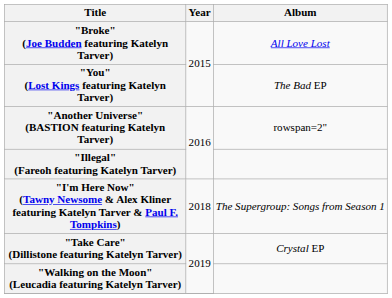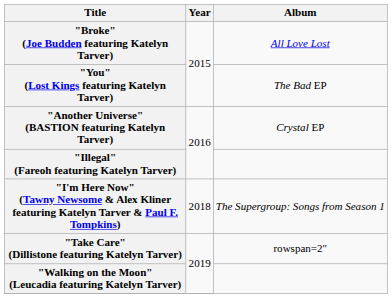 <table class="wikitable plainrowheaders" style="text-align:center">
 <tr>
 <th scope="col" style="width:16em;">Title</th>
 <th scope="col">Year</th>
 <th scope="col">Album</th>
 </tr>
 <tr>
 <th scope="row">"Broke"<br><span>(<a href='#'>Joe Budden</a> featuring Katelyn Tarver)</span></th>
 <td rowspan="2">2015</td>
 <td><em><a href='#'>All Love Lost</a></em></td>
 </tr>
 <tr>
 <th scope="row">"You"<br><span>(<a href='#'>Lost Kings</a> featuring Katelyn Tarver)</span></th>
 <td><em>The Bad</em> EP</td>
 </tr>
 <tr>
 <th scope="row">"Another Universe"<br><span>(BASTION featuring Katelyn Tarver)</span></th>
 <td rowspan="2">2016</td>
-<td>rowspan=2" </td>
+<td><em>Crystal</em> EP</td>
 </tr>
 <tr>
 <th scope="row">"Illegal"<br><span>(Fareoh featuring Katelyn Tarver)</span></th>
 <td></td>
 </tr>
 <tr>
 <th scope="row">"I'm Here Now"<br><span>(<a href='#'>Tawny Newsome</a> & Alex Kliner featuring Katelyn Tarver & <a href='#'>Paul F. Tompkins</a>)</span></th>
 <td>2018</td>
 <td><em>The Supergroup: Songs from Season 1</em></td>
 </tr>
 <tr>
 <th scope="row">"Take Care"<br><span>(Dillistone featuring Katelyn Tarver)</span></th>
 <td rowspan="2">2019</td>
-<td><em>Crystal</em> EP</td>
+<td>rowspan=2" </td>
 </tr>
 <tr>
 <th scope="row">"Walking on the Moon"<br><span>(Leucadia featuring Katelyn Tarver)</span></th>
 </tr>
 <tr>
 </tr>
 </table>
